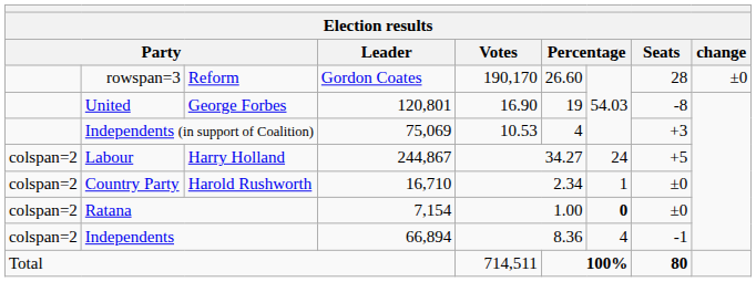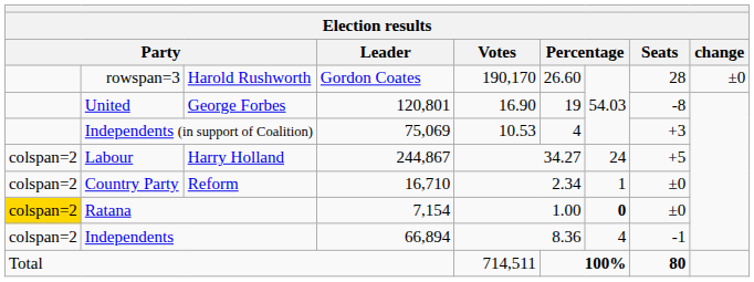 <table class=wikitable style="text-align:right">
 <tr>
 <th colspan=9></th>
 </tr>
 <tr>
 <th colspan=9>Election results</th>
 </tr>
 <tr>
 <th width=125 colspan=3>Party</th>
 <th width=125>Leader</th>
 <th width=75>Votes</th>
 <th width=75 colspan=2>Percentage</th>
 <th width=50>Seats</th>
 <th width=50>change</th>
 </tr>
 <tr>
 <td></td>
 <td>rowspan=3 </td>
-<td align=left><a href='#'>Reform</a></td>
+<td align=left><a href='#'>Harold Rushworth</a></td>
 <td align=left><a href='#'>Gordon Coates</a></td>
 <td>190,170</td>
 <td>26.60</td>
 <td rowspan=3>54.03</td>
 <td>28</td>
 <td>±0</td>
 </tr>
 <tr>
 <td></td>
 <td align=left><a href='#'>United</a></td>
 <td align=left><a href='#'>George Forbes</a></td>
 <td>120,801</td>
 <td>16.90</td>
 <td>19</td>
 <td>-8</td>
 </tr>
 <tr>
 <td></td>
 <td align=left colspan=2><a href='#'>Independents</a> <small>(in support of Coalition)</small></td>
 <td>75,069</td>
 <td>10.53</td>
 <td>4</td>
 <td>+3</td>
 </tr>
 <tr>
 <td>colspan=2 </td>
 <td align=left><a href='#'>Labour</a></td>
 <td align=left><a href='#'>Harry Holland</a></td>
 <td>244,867</td>
 <td colspan=2>34.27</td>
 <td>24</td>
 <td>+5</td>
 </tr>
 <tr>
 <td>colspan=2 </td>
 <td align=left><a href='#'>Country Party</a></td>
-<td align=left><a href='#'>Harold Rushworth</a></td>
+<td align=left><a href='#'>Reform</a></td>
 <td>16,710</td>
 <td colspan=2>2.34</td>
 <td>1</td>
 <td>±0</td>
 </tr>
 <tr>
-<td>colspan=2 </td>
+<td style="background: gold;">colspan=2 </td>
 <td align=left colspan=2><a href='#'>Ratana</a></td>
 <td>7,154</td>
 <td colspan=2>1.00</td>
 <td><strong>0</strong></td>
 <td>±0</td>
 </tr>
 <tr>
 <td>colspan=2 </td>
 <td align=left colspan=2><a href='#'>Independents</a></td>
 <td>66,894</td>
 <td colspan=2>8.36</td>
 <td>4</td>
 <td>-1</td>
 </tr>
 <tr>
 <td align=left colspan=4>Total</td>
 <td>714,511</td>
 <td colspan=2><strong>100%</strong></td>
 <td><strong>80</strong></td>
 <td></td>
 </tr>
 </table>
